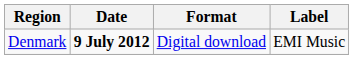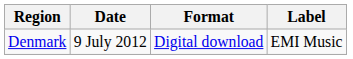 <table class=wikitable>
 <tr>
 <th>Region</th>
 <th>Date</th>
 <th>Format</th>
 <th>Label</th>
 </tr>
 <tr>
 <td><a href='#'>Denmark</a></td>
-<td><strong>9 July 2012</strong></td>
+<td>9 July 2012</td>
 <td><a href='#'>Digital download</a></td>
 <td>EMI Music</td>
 </tr>
 <tr>
 </tr>
 </table>
